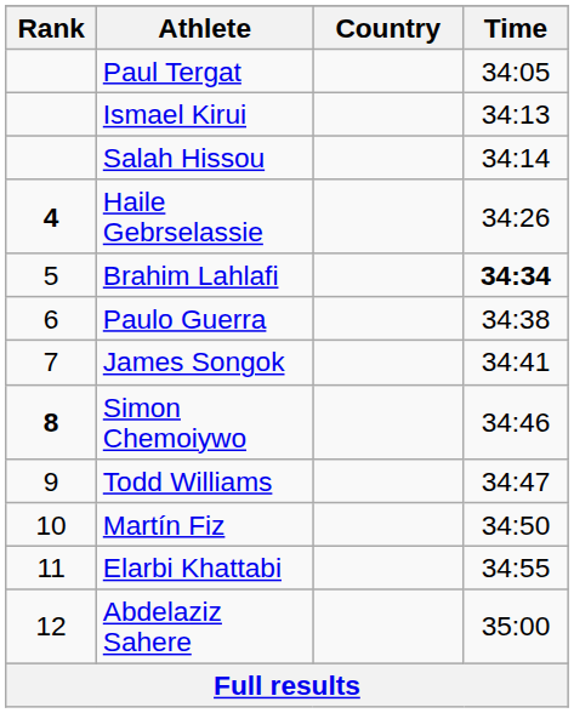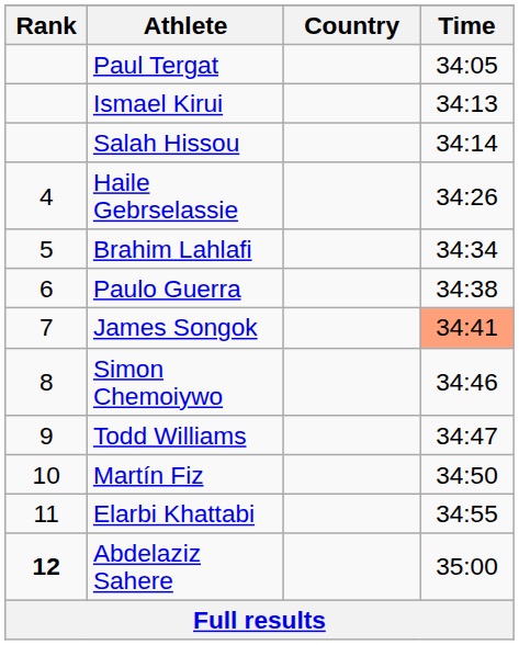 <table class="wikitable sortable" style=" text-align:center; font-size:95%;" width="50%">
 <tr>
 </tr>
 <tr>
 <th width=5%>Rank</th>
 <th width=20%>Athlete</th>
 <th width=15%>Country</th>
 <th width=10%>Time</th>
 </tr>
 <tr>
 <td align=center></td>
 <td align=left><a href='#'>Paul Tergat</a></td>
 <td align=left></td>
 <td>34:05</td>
 </tr>
 <tr>
 <td align=center></td>
 <td align=left><a href='#'>Ismael Kirui</a></td>
 <td align=left></td>
 <td>34:13</td>
 </tr>
 <tr>
 <td align=center></td>
 <td align=left><a href='#'>Salah Hissou</a></td>
 <td align=left></td>
 <td>34:14</td>
 </tr>
 <tr>
-<td align=center><strong>4</strong></td>
+<td align=center>4</td>
 <td align=left><a href='#'>Haile Gebrselassie</a></td>
 <td align=left></td>
 <td>34:26</td>
 </tr>
 <tr>
 <td align=center>5</td>
 <td align=left><a href='#'>Brahim Lahlafi</a></td>
 <td align=left></td>
-<td><strong>34:34</strong></td>
+<td>34:34</td>
 </tr>
 <tr>
 <td align=center>6</td>
 <td align=left><a href='#'>Paulo Guerra</a></td>
 <td align=left></td>
 <td>34:38</td>
 </tr>
 <tr>
 <td align=center>7</td>
 <td align=left><a href='#'>James Songok</a></td>
 <td align=left></td>
-<td>34:41</td>
+<td style="background: lightsalmon;">34:41</td>
 </tr>
 <tr>
-<td align=center><strong>8</strong></td>
+<td align=center>8</td>
 <td align=left><a href='#'>Simon Chemoiywo</a></td>
 <td align=left></td>
 <td>34:46</td>
 </tr>
 <tr>
 <td align=center>9</td>
 <td align=left><a href='#'>Todd Williams</a></td>
 <td align=left></td>
 <td>34:47</td>
 </tr>
 <tr>
 <td align=center>10</td>
 <td align=left><a href='#'>Martín Fiz</a></td>
 <td align=left></td>
 <td>34:50</td>
 </tr>
 <tr>
 <td align=center>11</td>
 <td align=left><a href='#'>Elarbi Khattabi</a></td>
 <td align=left></td>
 <td>34:55</td>
 </tr>
 <tr>
-<td align=center>12</td>
+<td align=center><strong>12</strong></td>
 <td align=left><a href='#'>Abdelaziz Sahere</a></td>
 <td align=left></td>
 <td>35:00</td>
 </tr>
 <tr class="sortbottom">
 <th colspan=4 align=center><a href='#'>Full results</a></th>
 </tr>
 </table>
